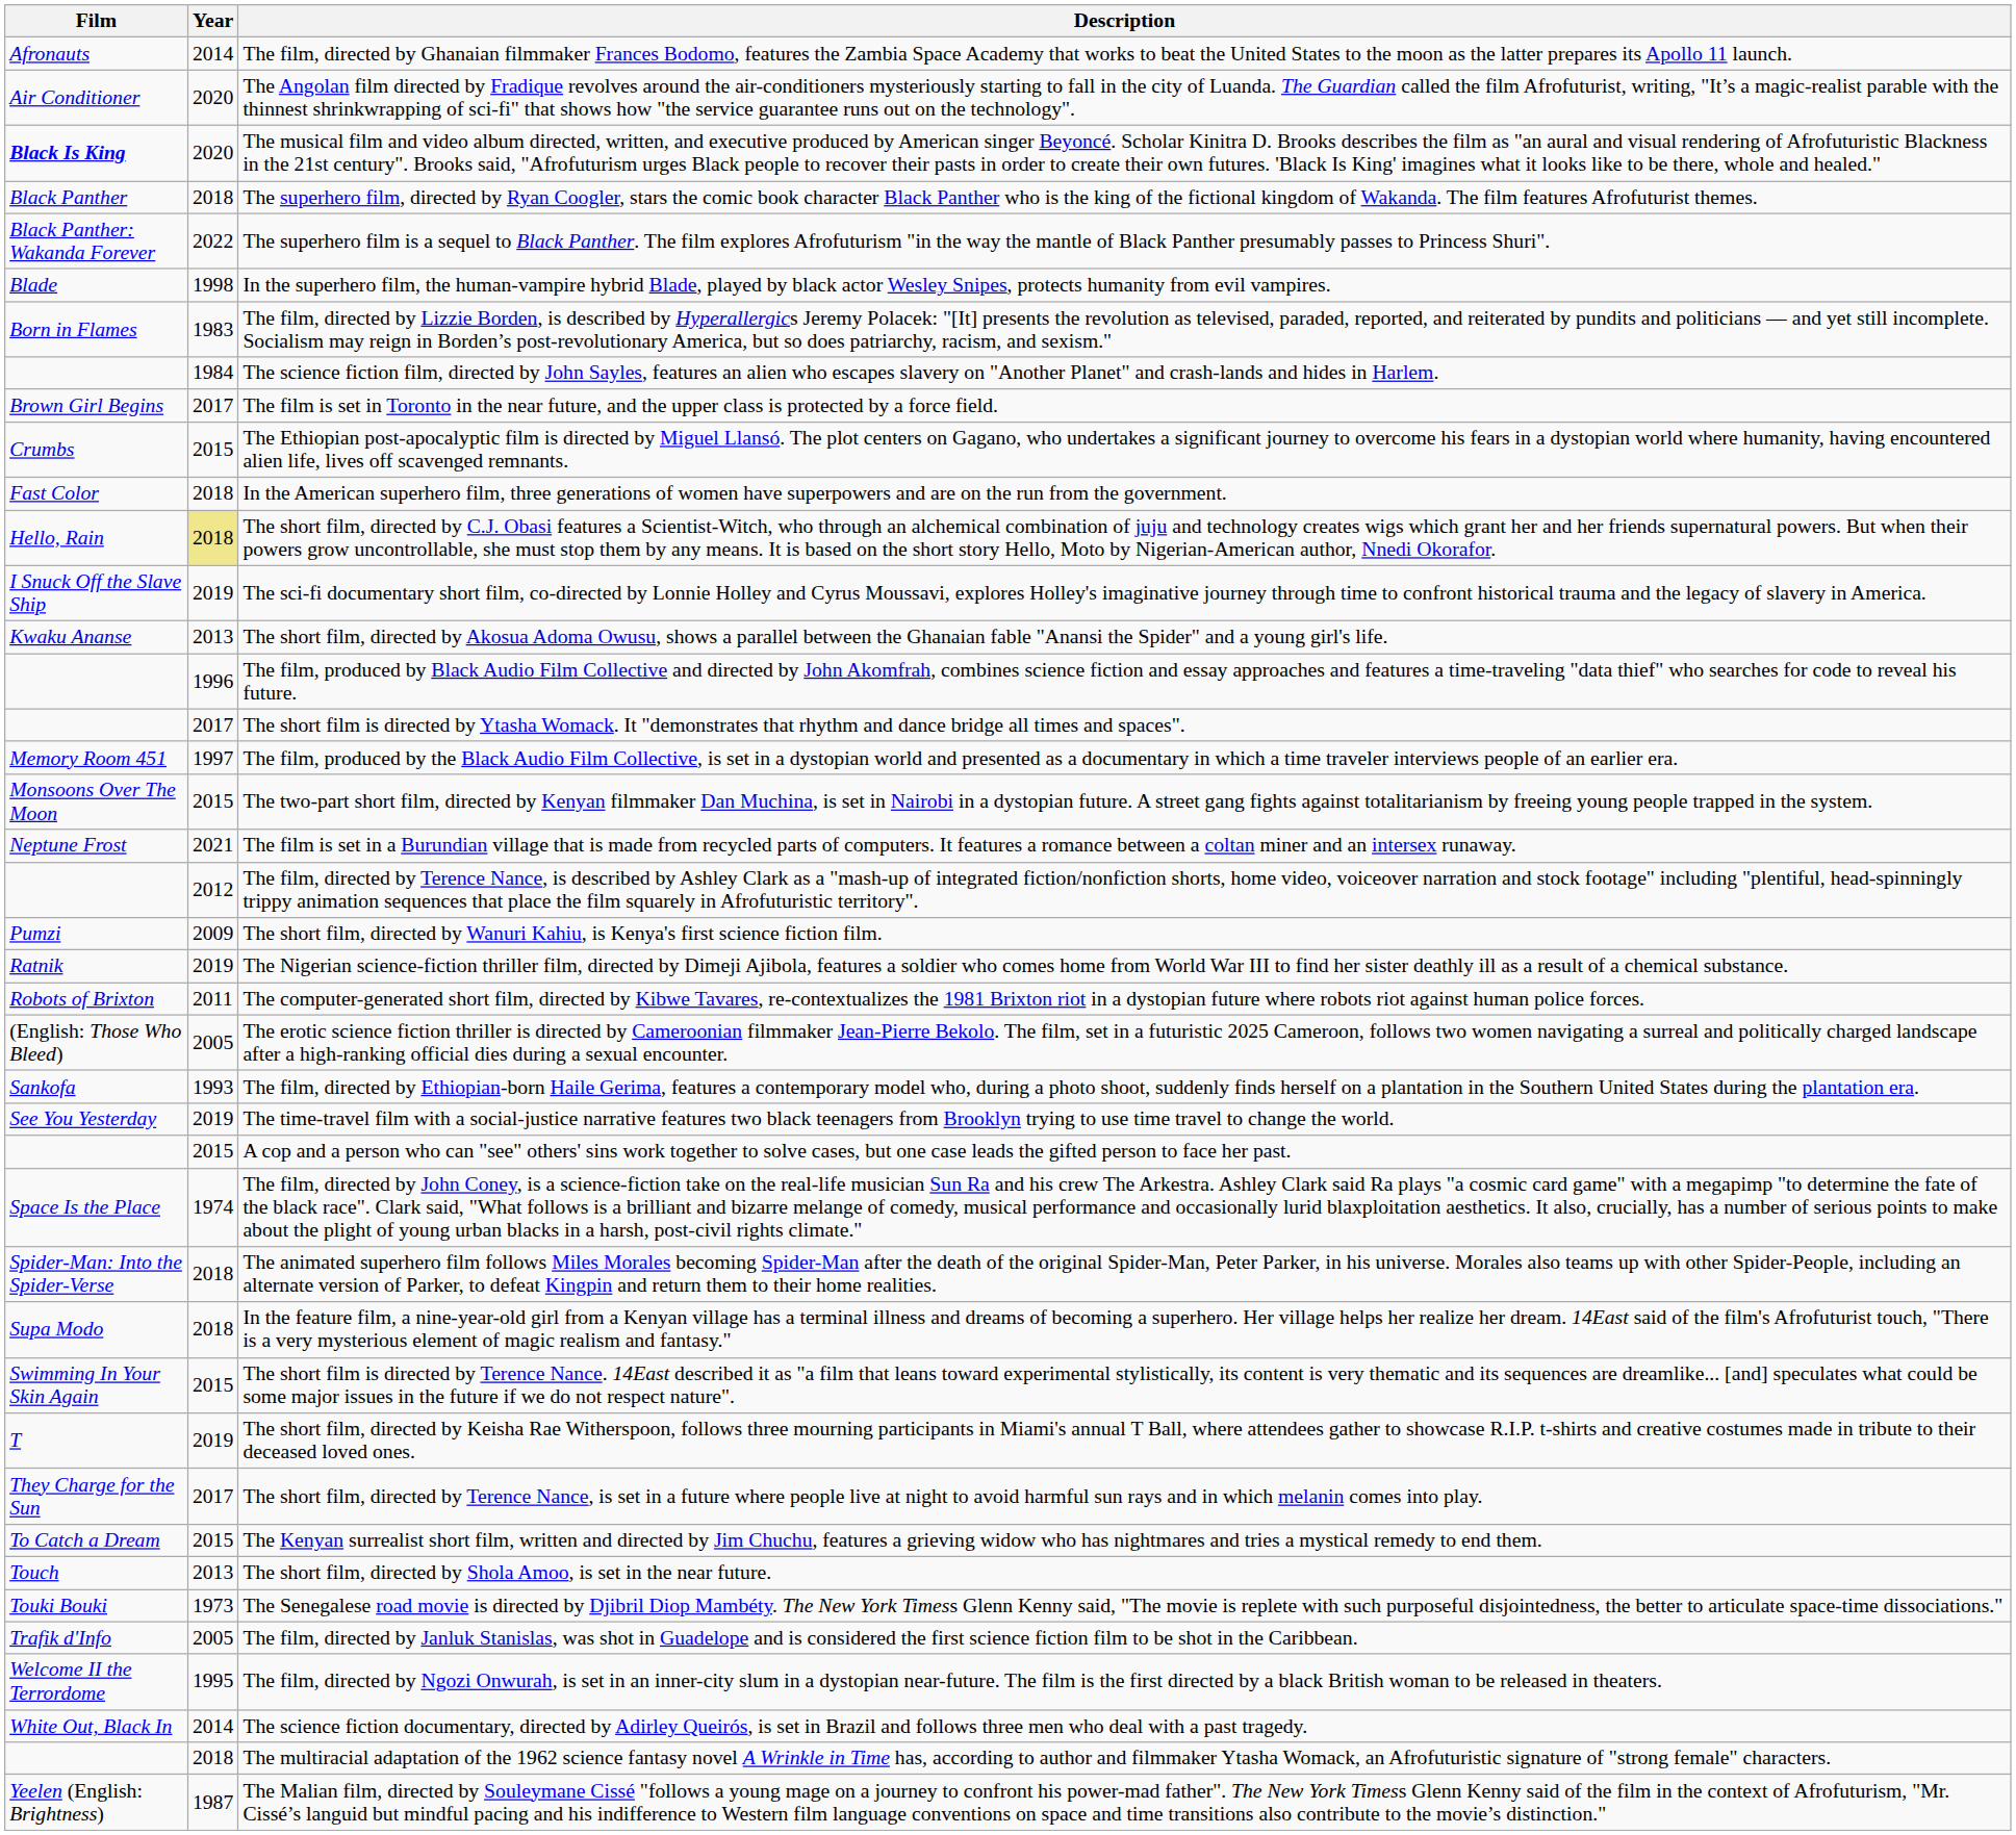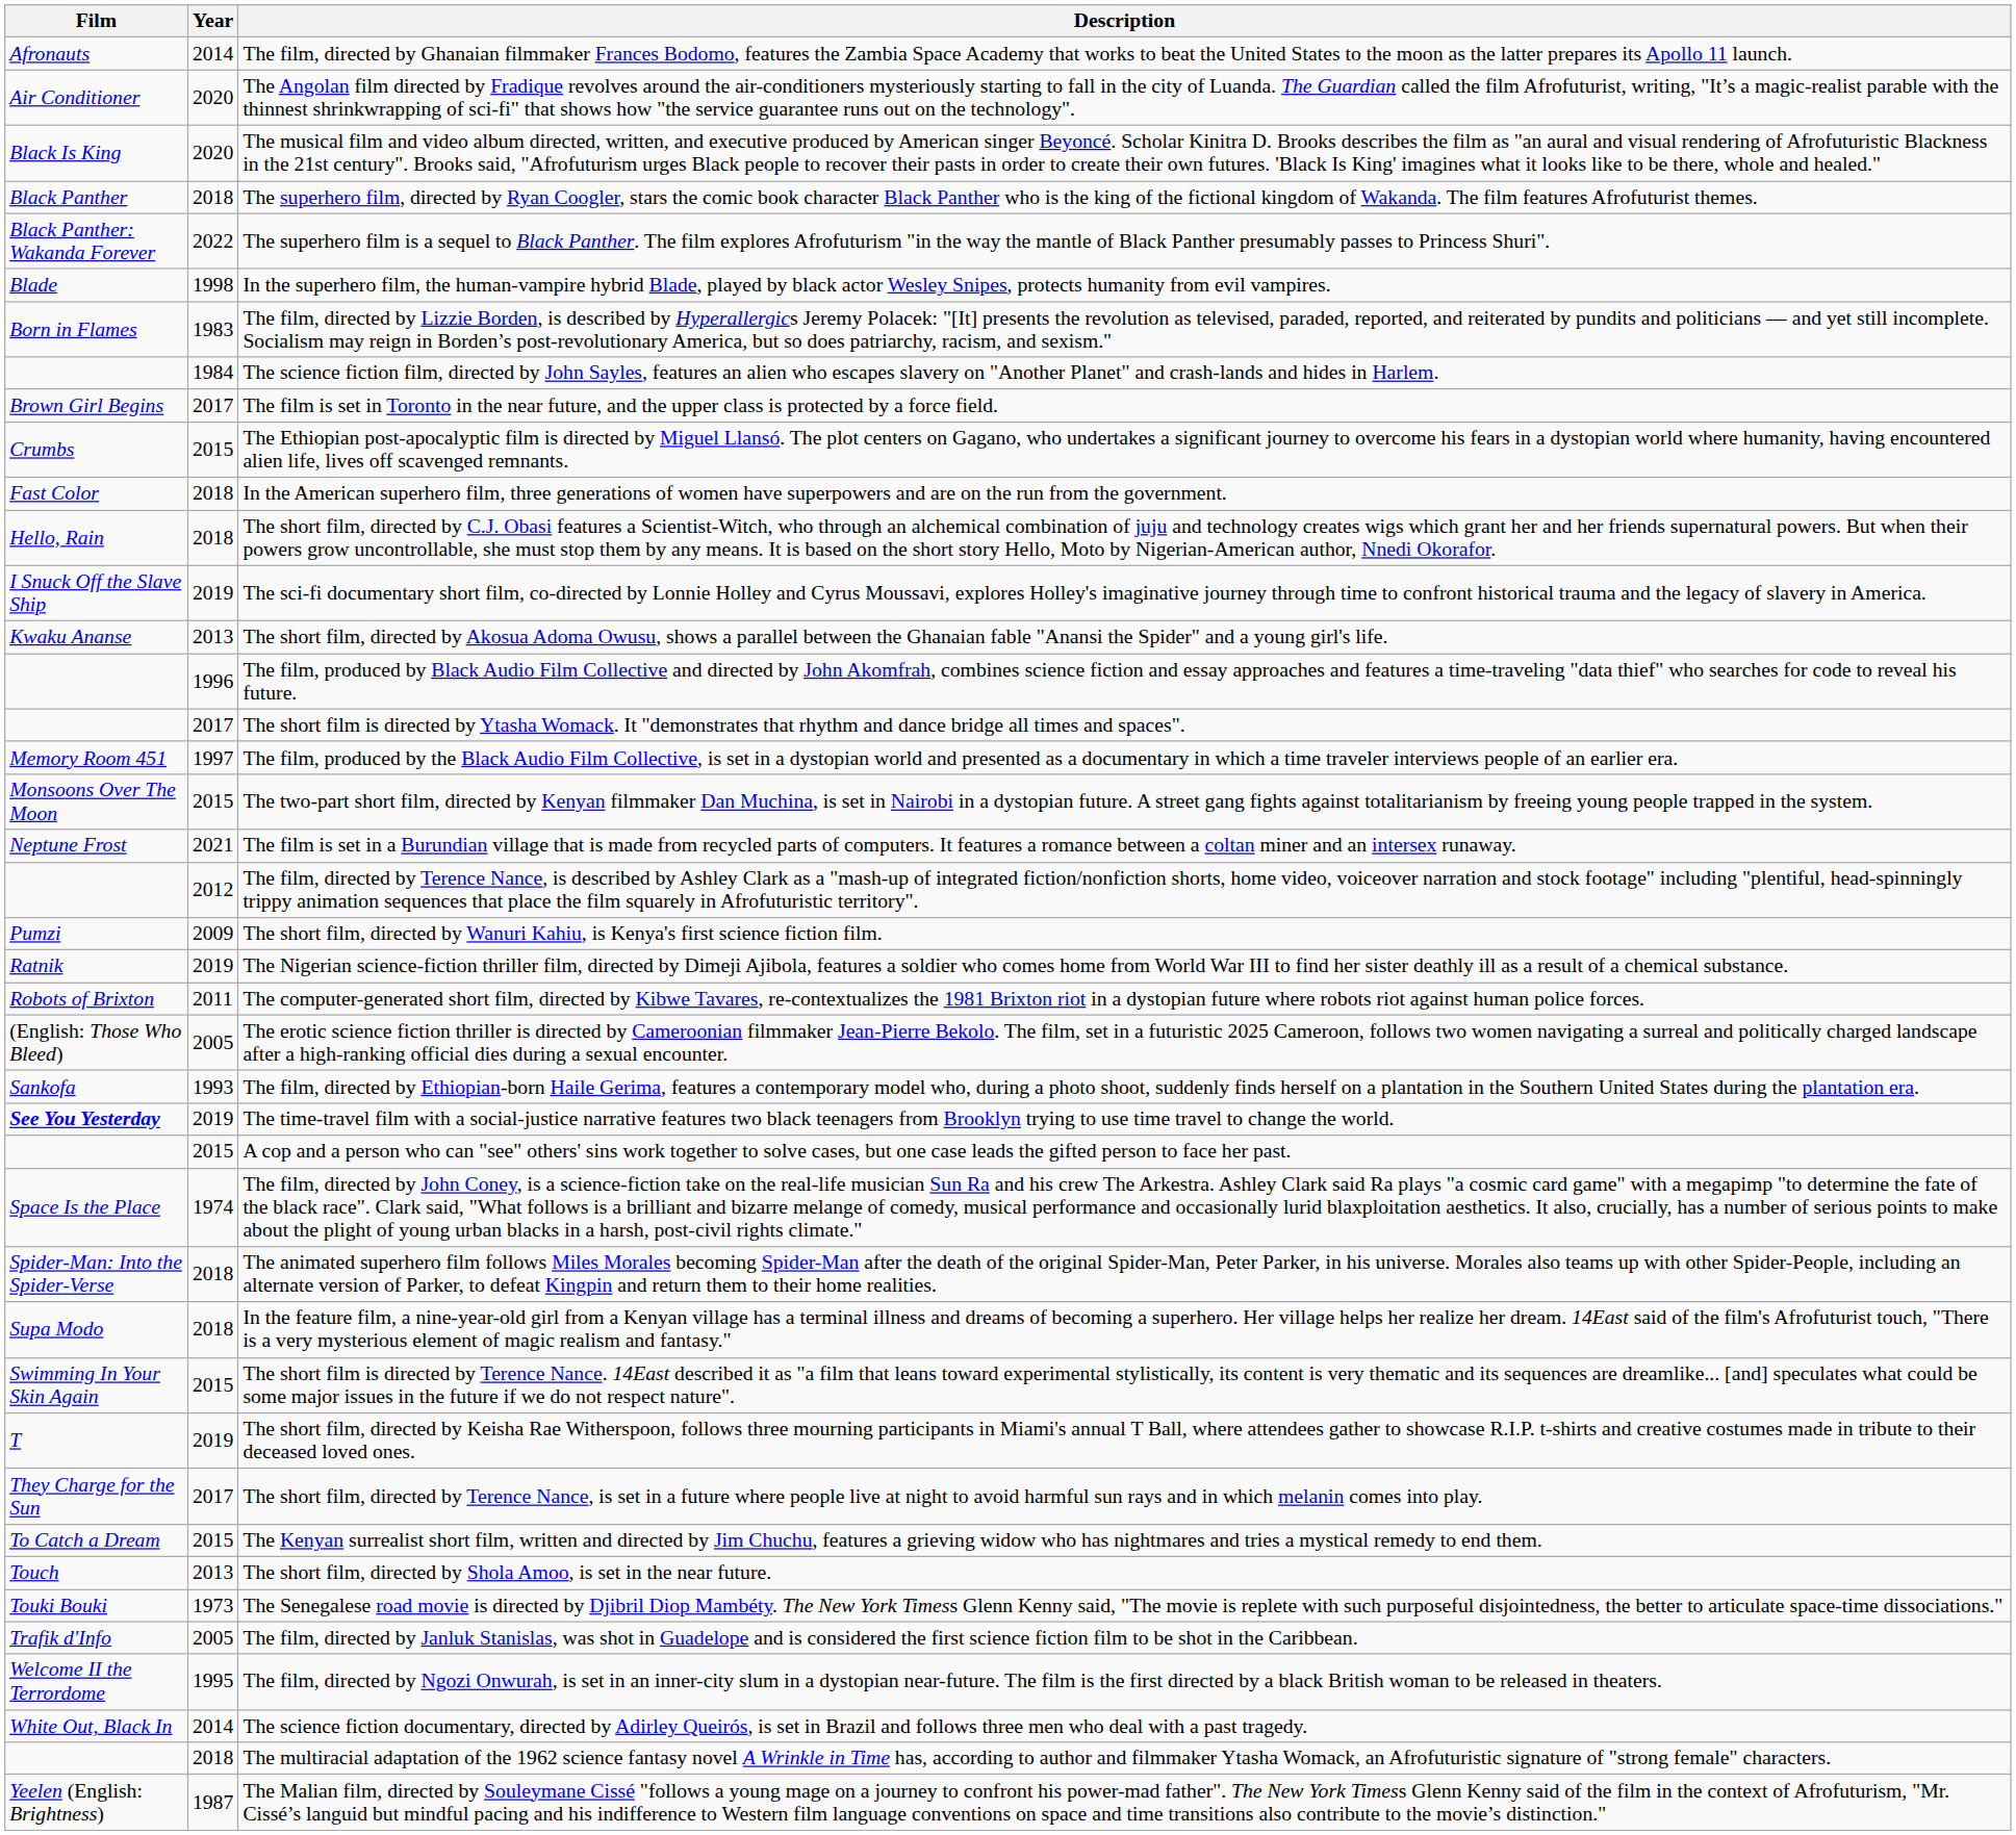 <table class="wikitable sortable">
 <tr>
 <th scope="col">Film</th>
 <th scope="col">Year</th>
 <th scope="col" class="unsortable" style=white-space:nowrap>Description</th>
 </tr>
 <tr>
 <td><em><a href='#'>Afronauts</a></em></td>
 <td>2014</td>
 <td>The film, directed by Ghanaian filmmaker <a href='#'>Frances Bodomo</a>, features the Zambia Space Academy that works to beat the United States to the moon as the latter prepares its <a href='#'>Apollo 11</a> launch.</td>
 </tr>
 <tr>
 <td><em><a href='#'>Air Conditioner</a></em></td>
 <td>2020</td>
 <td>The <a href='#'>Angolan</a> film directed by <a href='#'>Fradique</a> revolves around the air-conditioners mysteriously starting to fall in the city of Luanda. <em><a href='#'>The Guardian</a></em> called the film Afrofuturist, writing, "It’s a magic-realist parable with the thinnest shrinkwrapping of sci-fi" that shows how "the service guarantee runs out on the technology".</td>
 </tr>
 <tr>
-<td><strong><em><a href='#'>Black Is King</a></em></strong></td>
+<td><em><a href='#'>Black Is King</a></em></td>
 <td>2020</td>
 <td>The musical film and video album directed, written, and executive produced by American singer <a href='#'>Beyoncé</a>. Scholar Kinitra D. Brooks describes the film as "an aural and visual rendering of Afrofuturistic Blackness in the 21st century". Brooks said, "Afrofuturism urges Black people to recover their pasts in order to create their own futures. 'Black Is King' imagines what it looks like to be there, whole and healed."</td>
 </tr>
 <tr>
 <td><em><a href='#'>Black Panther</a></em></td>
 <td>2018</td>
 <td>The <a href='#'>superhero film</a>, directed by <a href='#'>Ryan Coogler</a>, stars the comic book character <a href='#'>Black Panther</a> who is the king of the fictional kingdom of <a href='#'>Wakanda</a>. The film features Afrofuturist themes.</td>
 </tr>
 <tr>
 <td><em><a href='#'>Black Panther: Wakanda Forever</a></em></td>
 <td>2022</td>
 <td>The superhero film is a sequel to <em><a href='#'>Black Panther</a></em>. The film explores Afrofuturism "in the way the mantle of Black Panther presumably passes to Princess Shuri".</td>
 </tr>
 <tr>
 <td><em><a href='#'>Blade</a></em></td>
 <td>1998</td>
 <td>In the superhero film, the human-vampire hybrid <a href='#'>Blade</a>, played by black actor <a href='#'>Wesley Snipes</a>, protects humanity from evil vampires.</td>
 </tr>
 <tr>
 <td><em><a href='#'>Born in Flames</a></em></td>
 <td>1983</td>
 <td>The film, directed by <a href='#'>Lizzie Borden</a>, is described by <em><a href='#'>Hyperallergic</a></em>s Jeremy Polacek: "[It] presents the revolution as televised, paraded, reported, and reiterated by pundits and politicians — and yet still incomplete. Socialism may reign in Borden’s post-revolutionary America, but so does patriarchy, racism, and sexism."</td>
 </tr>
 <tr>
 <td><em></em></td>
 <td>1984</td>
 <td>The science fiction film, directed by <a href='#'>John Sayles</a>, features an alien who escapes slavery on "Another Planet" and crash-lands and hides in <a href='#'>Harlem</a>.</td>
 </tr>
 <tr>
 <td><em><a href='#'>Brown Girl Begins</a></em></td>
 <td>2017</td>
 <td>The film is set in <a href='#'>Toronto</a> in the near future, and the upper class is protected by a force field.</td>
 </tr>
 <tr>
 <td><em><a href='#'>Crumbs</a></em></td>
 <td>2015</td>
 <td>The Ethiopian post-apocalyptic film is directed by <a href='#'>Miguel Llansó</a>. The plot centers on Gagano, who undertakes a significant journey to overcome his fears in a dystopian world where humanity, having encountered alien life, lives off scavenged remnants.</td>
 </tr>
 <tr>
 <td><em><a href='#'>Fast Color</a></em></td>
 <td>2018</td>
 <td>In the American superhero film, three generations of women have superpowers and are on the run from the government.</td>
 </tr>
 <tr>
 <td><em><a href='#'>Hello, Rain</a></em></td>
-<td style="background: khaki;">2018</td>
+<td>2018</td>
 <td>The short film, directed by <a href='#'>C.J. Obasi</a> features a Scientist-Witch, who through an alchemical combination of <a href='#'>juju</a> and technology creates wigs which grant her and her friends supernatural powers. But when their powers grow uncontrollable, she must stop them by any means. It is based on the short story Hello, Moto by Nigerian-American author, <a href='#'>Nnedi Okorafor</a>.</td>
 </tr>
 <tr>
 <td><em><a href='#'>I Snuck Off the Slave Ship</a></em></td>
 <td>2019</td>
 <td>The sci-fi documentary short film, co-directed by Lonnie Holley and Cyrus Moussavi, explores Holley's imaginative journey through time to confront historical trauma and the legacy of slavery in America.</td>
 </tr>
 <tr>
 <td><em><a href='#'>Kwaku Ananse</a></em></td>
 <td>2013</td>
 <td>The short film, directed by <a href='#'>Akosua Adoma Owusu</a>, shows a parallel between the Ghanaian fable "Anansi the Spider" and a young girl's life.</td>
 </tr>
 <tr>
 <td><em></em></td>
 <td>1996</td>
 <td>The film, produced by <a href='#'>Black Audio Film Collective</a> and directed by <a href='#'>John Akomfrah</a>, combines science fiction and essay approaches and features a time-traveling "data thief" who searches for code to reveal his future.</td>
 </tr>
 <tr>
 <td><em></em></td>
 <td>2017</td>
 <td>The short film is directed by <a href='#'>Ytasha Womack</a>. It "demonstrates that rhythm and dance bridge all times and spaces".</td>
 </tr>
 <tr>
 <td><em><a href='#'>Memory Room 451</a></em></td>
 <td>1997</td>
 <td>The film, produced by the <a href='#'>Black Audio Film Collective</a>, is set in a dystopian world and presented as a documentary in which a time traveler interviews people of an earlier era.</td>
 </tr>
 <tr>
 <td><em><a href='#'>Monsoons Over The Moon</a></em></td>
 <td>2015</td>
 <td>The two-part short film, directed by <a href='#'>Kenyan</a> filmmaker <a href='#'>Dan Muchina</a>, is set in <a href='#'>Nairobi</a> in a dystopian future. A street gang fights against totalitarianism by freeing young people trapped in the system.</td>
 </tr>
 <tr>
 <td><em><a href='#'>Neptune Frost</a></em></td>
 <td>2021</td>
 <td>The film is set in a <a href='#'>Burundian</a> village that is made from recycled parts of computers. It features a romance between a <a href='#'>coltan</a> miner and an <a href='#'>intersex</a> runaway.</td>
 </tr>
 <tr>
 <td><em></em></td>
 <td>2012</td>
 <td>The film, directed by <a href='#'>Terence Nance</a>, is described by Ashley Clark as a "mash-up of integrated fiction/nonfiction shorts, home video, voiceover narration and stock footage" including "plentiful, head-spinningly trippy animation sequences that place the film squarely in Afrofuturistic territory".</td>
 </tr>
 <tr>
 <td><em><a href='#'>Pumzi</a></em></td>
 <td>2009</td>
 <td>The short film, directed by <a href='#'>Wanuri Kahiu</a>, is Kenya's first science fiction film.</td>
 </tr>
 <tr>
 <td><em><a href='#'>Ratnik</a></em></td>
 <td>2019</td>
 <td>The Nigerian science-fiction thriller film, directed by Dimeji Ajibola, features a soldier who comes home from World War III to find her sister deathly ill as a result of a chemical substance.</td>
 </tr>
 <tr>
 <td><em><a href='#'>Robots of Brixton</a></em></td>
 <td>2011</td>
 <td>The computer-generated short film, directed by <a href='#'>Kibwe Tavares</a>, re-contextualizes the <a href='#'>1981 Brixton riot</a> in a dystopian future where robots riot against human police forces.</td>
 </tr>
 <tr>
 <td><em></em> (English: <em>Those Who Bleed</em>)</td>
 <td>2005</td>
 <td>The erotic science fiction thriller is directed by <a href='#'>Cameroonian</a> filmmaker <a href='#'>Jean-Pierre Bekolo</a>. The film, set in a futuristic 2025 Cameroon, follows two women navigating a surreal and politically charged landscape after a high-ranking official dies during a sexual encounter.</td>
 </tr>
 <tr>
 <td><em><a href='#'>Sankofa</a></em></td>
 <td>1993</td>
 <td>The film, directed by <a href='#'>Ethiopian</a>-born <a href='#'>Haile Gerima</a>, features a contemporary model who, during a photo shoot, suddenly finds herself on a plantation in the Southern United States during the <a href='#'>plantation era</a>.</td>
 </tr>
 <tr>
-<td><em><a href='#'>See You Yesterday</a></em></td>
+<td><strong><em><a href='#'>See You Yesterday</a></em></strong></td>
 <td>2019</td>
 <td>The time-travel film with a social-justice narrative features two black teenagers from <a href='#'>Brooklyn</a> trying to use time travel to change the world.</td>
 </tr>
 <tr>
 <td><em></em></td>
 <td>2015</td>
 <td>A cop and a person who can "see" others' sins work together to solve cases, but one case leads the gifted person to face her past.</td>
 </tr>
 <tr>
 <td><em><a href='#'>Space Is the Place</a></em></td>
 <td>1974</td>
 <td>The film, directed by <a href='#'>John Coney</a>, is a science-fiction take on the real-life musician <a href='#'>Sun Ra</a> and his crew The Arkestra. Ashley Clark said Ra plays "a cosmic card game" with a megapimp "to determine the fate of the black race". Clark said, "What follows is a brilliant and bizarre melange of comedy, musical performance and occasionally lurid blaxploitation aesthetics. It also, crucially, has a number of serious points to make about the plight of young urban blacks in a harsh, post-civil rights climate."</td>
 </tr>
 <tr>
 <td><em><a href='#'>Spider-Man: Into the Spider-Verse</a></em></td>
 <td>2018</td>
 <td>The animated superhero film follows <a href='#'>Miles Morales</a> becoming <a href='#'>Spider-Man</a> after the death of the original Spider-Man, Peter Parker, in his universe. Morales also teams up with other Spider-People, including an alternate version of Parker, to defeat <a href='#'>Kingpin</a> and return them to their home realities.</td>
 </tr>
 <tr>
 <td><em><a href='#'>Supa Modo</a></em></td>
 <td>2018</td>
 <td>In the feature film, a nine-year-old girl from a Kenyan village has a terminal illness and dreams of becoming a superhero. Her village helps her realize her dream. <em>14East</em> said of the film's Afrofuturist touch, "There is a very mysterious element of magic realism and fantasy."</td>
 </tr>
 <tr>
 <td><em><a href='#'>Swimming In Your Skin Again</a></em></td>
 <td>2015</td>
 <td>The short film is directed by <a href='#'>Terence Nance</a>. <em>14East</em> described it as "a film that leans toward experimental stylistically, its content is very thematic and its sequences are dreamlike... [and] speculates what could be some major issues in the future if we do not respect nature".</td>
 </tr>
 <tr>
 <td><em><a href='#'>T</a></em></td>
 <td>2019</td>
 <td>The short film, directed by Keisha Rae Witherspoon, follows three mourning participants in Miami's annual T Ball, where attendees gather to showcase R.I.P. t-shirts and creative costumes made in tribute to their deceased loved ones.</td>
 </tr>
 <tr>
 <td><em><a href='#'>They Charge for the Sun</a></em></td>
 <td>2017</td>
 <td>The short film, directed by <a href='#'>Terence Nance</a>, is set in a future where people live at night to avoid harmful sun rays and in which <a href='#'>melanin</a> comes into play.</td>
 </tr>
 <tr>
 <td><em><a href='#'>To Catch a Dream</a></em></td>
 <td>2015</td>
 <td>The <a href='#'>Kenyan</a> surrealist short film, written and directed by <a href='#'>Jim Chuchu</a>, features a grieving widow who has nightmares and tries a mystical remedy to end them.</td>
 </tr>
 <tr>
 <td><em><a href='#'>Touch</a></em></td>
 <td>2013</td>
 <td>The short film, directed by <a href='#'>Shola Amoo</a>, is set in the near future.</td>
 </tr>
 <tr>
 <td><em><a href='#'>Touki Bouki</a></em></td>
 <td>1973</td>
 <td>The Senegalese <a href='#'>road movie</a> is directed by <a href='#'>Djibril Diop Mambéty</a>. <em>The New York Times</em>s Glenn Kenny said, "The movie is replete with such purposeful disjointedness, the better to articulate space-time dissociations."</td>
 </tr>
 <tr>
 <td><em><a href='#'>Trafik d'Info</a></em></td>
 <td>2005</td>
 <td>The film, directed by <a href='#'>Janluk Stanislas</a>, was shot in <a href='#'>Guadelope</a> and is considered the first science fiction film to be shot in the Caribbean.</td>
 </tr>
 <tr>
 <td><em><a href='#'>Welcome II the Terrordome</a></em></td>
 <td>1995</td>
 <td>The film, directed by <a href='#'>Ngozi Onwurah</a>, is set in an inner-city slum in a dystopian near-future. The film is the first directed by a black British woman to be released in theaters.</td>
 </tr>
 <tr>
 <td><em><a href='#'>White Out, Black In</a></em></td>
 <td>2014</td>
 <td>The science fiction documentary, directed by <a href='#'>Adirley Queirós</a>, is set in Brazil and follows three men who deal with a past tragedy.</td>
 </tr>
 <tr>
 <td><em></em></td>
 <td>2018</td>
 <td>The multiracial adaptation of the 1962 science fantasy novel <em><a href='#'>A Wrinkle in Time</a></em> has, according to author and filmmaker Ytasha Womack, an Afrofuturistic signature of "strong female" characters.</td>
 </tr>
 <tr>
 <td><em><a href='#'>Yeelen</a></em> (English: <em>Brightness</em>)</td>
 <td>1987</td>
 <td>The Malian film, directed by <a href='#'>Souleymane Cissé</a> "follows a young mage on a journey to confront his power-mad father". <em>The New York Times</em>s Glenn Kenny said of the film in the context of Afrofuturism, "Mr. Cissé’s languid but mindful pacing and his indifference to Western film language conventions on space and time transitions also contribute to the movie’s distinction."</td>
 </tr>
 </table>
